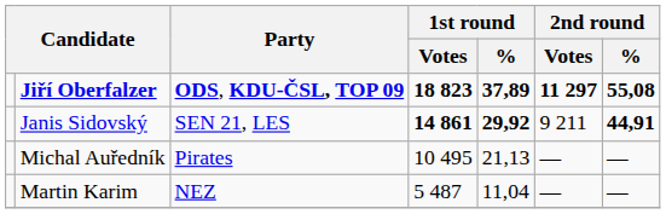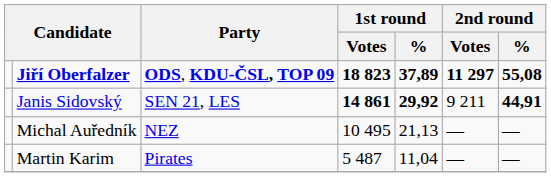 <table class="wikitable sortable">
 <tr>
 <th colspan="2" rowspan="2">Candidate</th>
 <th rowspan="2">Party</th>
 <th colspan="2">1st round</th>
 <th colspan="2">2nd round</th>
 </tr>
 <tr>
 <th>Votes</th>
 <th>%</th>
 <th>Votes</th>
 <th>%</th>
 </tr>
 <tr>
 <td style="background-color:"></td>
 <td><strong><a href='#'>Jiří Oberfalzer</a></strong></td>
 <td><a href='#'><strong>ODS</strong></a>, <strong><a href='#'>KDU-ČSL</a>, <a href='#'>TOP 09</a></strong></td>
 <td><strong>18 823</strong></td>
 <td><strong>37,89</strong></td>
 <td><strong>11 297</strong></td>
 <td><strong>55,08</strong></td>
 </tr>
 <tr>
 <td style="background-color:"></td>
 <td><a href='#'>Janis Sidovský</a></td>
 <td><a href='#'>SEN 21</a>, <a href='#'>LES</a></td>
 <td><strong>14 861</strong></td>
 <td><strong>29,92</strong></td>
 <td>9 211</td>
 <td><strong>44,91</strong></td>
 </tr>
 <tr>
 <td style="background-color:"></td>
 <td>Michal Auředník</td>
-<td><a href='#'>Pirates</a></td>
+<td><a href='#'>NEZ</a></td>
 <td>10 495</td>
 <td>21,13</td>
 <td>—</td>
 <td>—</td>
 </tr>
 <tr>
 <td style="background-color:"></td>
 <td>Martin Karim</td>
-<td><a href='#'>NEZ</a></td>
+<td><a href='#'>Pirates</a></td>
 <td>5 487</td>
 <td>11,04</td>
 <td>—</td>
 <td>—</td>
 </tr>
 <tr>
 </tr>
 </table>
